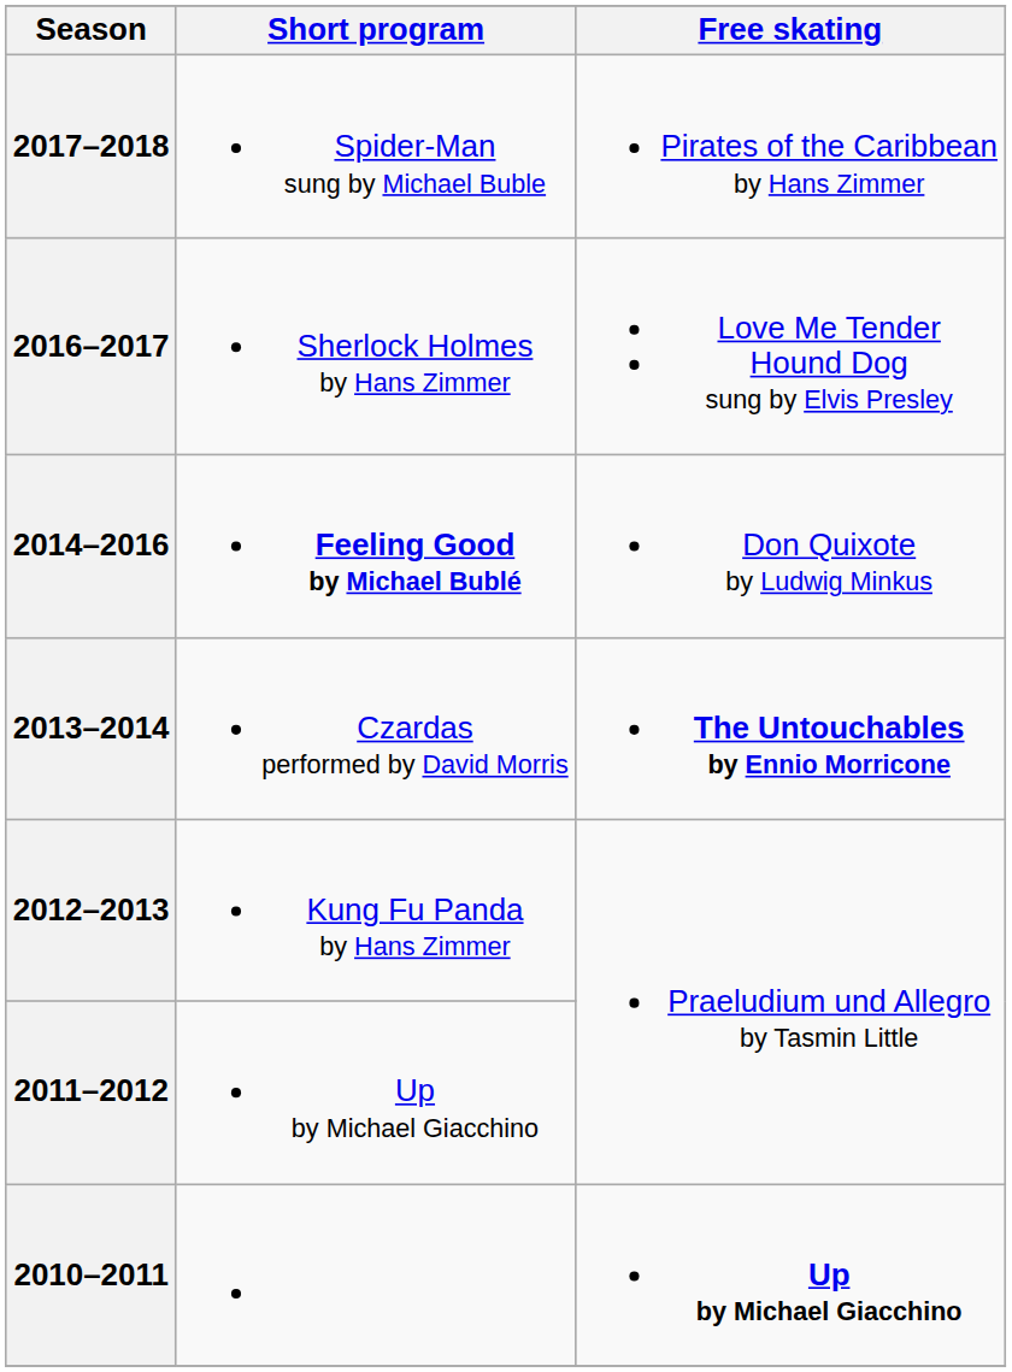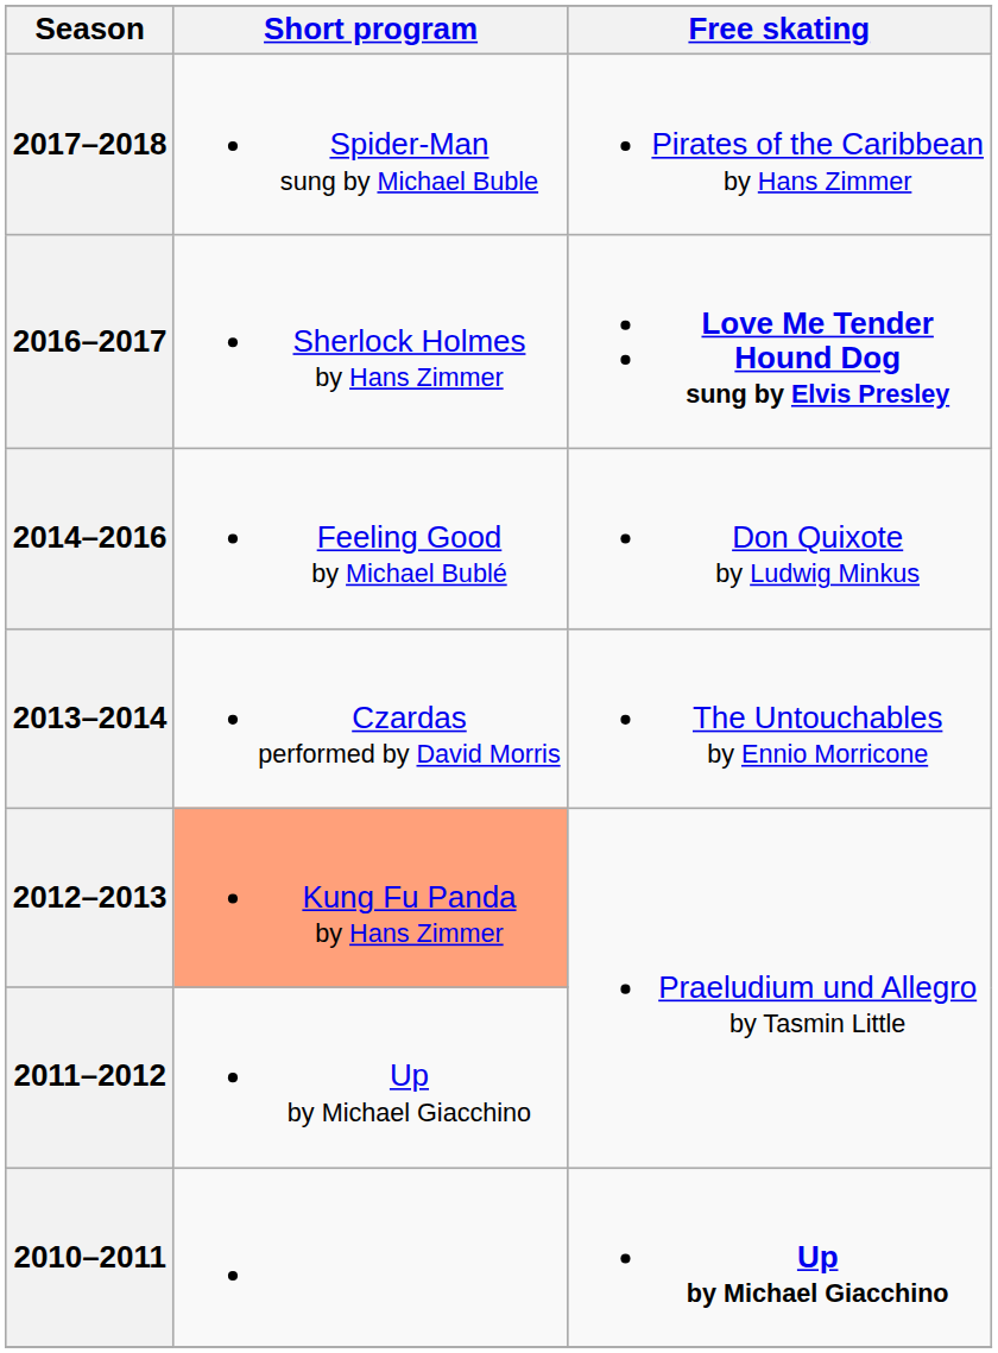 <table class="wikitable" style="text-align:center">
 <tr>
 </tr>
 <tr>
 <th>Season</th>
 <th><a href='#'>Short program</a></th>
 <th><a href='#'>Free skating</a></th>
 </tr>
 <tr>
 <th>2017–2018 <br> </th>
 <td><br><ul><li><a href='#'>Spider-Man</a><br><small> sung by <a href='#'>Michael Buble</a></small></li></ul></td>
 <td><br><ul><li><a href='#'>Pirates of the Caribbean</a><br><small>by <a href='#'>Hans Zimmer</a></small></li></ul></td>
 </tr>
 <tr>
 <th>2016–2017 <br></th>
 <td><br><ul><li><a href='#'>Sherlock Holmes</a><br><small>by <a href='#'>Hans Zimmer</a></small></li></ul></td>
-<td><br><ul><li><a href='#'>Love Me Tender</a></li><li><a href='#'>Hound Dog</a> <br><small> sung by <a href='#'>Elvis Presley</a> </small></li></ul></td>
+<td><strong><br><ul><li><a href='#'>Love Me Tender</a></li><li><a href='#'>Hound Dog</a> <br><small> sung by <a href='#'>Elvis Presley</a> </small></li></ul></strong></td>
 </tr>
 <tr>
 <th>2014–2016 <br></th>
-<td><strong><br><ul><li><a href='#'>Feeling Good</a><br><small>by <a href='#'>Michael Bublé</a></small></li></ul></strong></td>
+<td><br><ul><li><a href='#'>Feeling Good</a><br><small>by <a href='#'>Michael Bublé</a></small></li></ul></td>
 <td><br><ul><li><a href='#'>Don Quixote</a> <br><small>by <a href='#'>Ludwig Minkus</a> </small></li></ul></td>
 </tr>
 <tr>
 <th>2013–2014 <br></th>
 <td><br><ul><li><a href='#'>Czardas</a><br><small> performed by <a href='#'>David Morris</a></small></li></ul></td>
-<td><strong><br><ul><li><a href='#'>The Untouchables</a><br><small> by <a href='#'>Ennio Morricone</a></small></li></ul></strong></td>
+<td><br><ul><li><a href='#'>The Untouchables</a><br><small> by <a href='#'>Ennio Morricone</a></small></li></ul></td>
 </tr>
 <tr>
 <th>2012–2013 <br></th>
-<td><br><ul><li><a href='#'>Kung Fu Panda</a><br><small> by <a href='#'>Hans Zimmer</a></small></li></ul></td>
+<td style="background: lightsalmon;"><br><ul><li><a href='#'>Kung Fu Panda</a><br><small> by <a href='#'>Hans Zimmer</a></small></li></ul></td>
 <td rowspan=2><br><ul><li><a href='#'>Praeludium und Allegro</a><br><small> by Tasmin Little</small></li></ul></td>
 </tr>
 <tr>
 <th>2011–2012</th>
 <td><br><ul><li><a href='#'>Up</a><br><small> by Michael Giacchino</small></li></ul></td>
 </tr>
 <tr>
 <th>2010–2011</th>
 <td><br><ul><li></li></ul></td>
 <td><strong><br><ul><li><a href='#'>Up</a><br><small> by Michael Giacchino</small></li></ul></strong></td>
 </tr>
 <tr>
 </tr>
 </table>
